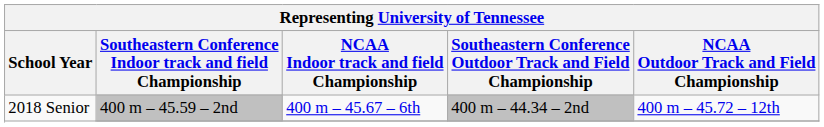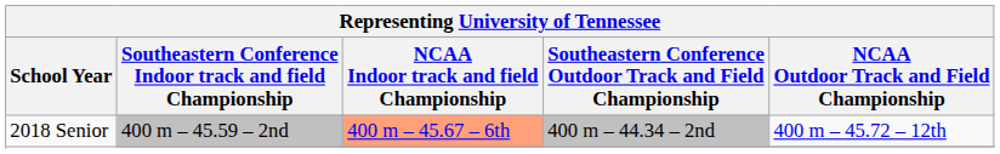 <table class="wikitable sortable">
 <tr>
 <th colspan="7">Representing <a href='#'>University of Tennessee</a></th>
 </tr>
 <tr>
 <th>School Year</th>
 <th><a href='#'>Southeastern Conference</a><br><a href='#'>Indoor track and field</a><br>Championship</th>
 <th><a href='#'>NCAA</a><br><a href='#'>Indoor track and field</a><br>Championship</th>
 <th><a href='#'>Southeastern Conference</a><br><a href='#'>Outdoor Track and Field</a><br>Championship</th>
 <th><a href='#'>NCAA</a><br><a href='#'>Outdoor Track and Field</a><br>Championship</th>
 </tr>
 <tr>
 <td Rowspan=4>2018 Senior</td>
 <td bgcolor=silver>400 m – 45.59 – 2nd</td>
-<td><a href='#'>400 m – 45.67 – 6th</a></td>
+<td style="background: lightsalmon;"><a href='#'>400 m – 45.67 – 6th</a></td>
 <td bgcolor=silver>400 m – 44.34 – 2nd</td>
 <td><a href='#'>400 m – 45.72 – 12th</a></td>
 </tr>
 <tr>
 </tr>
 </table>
